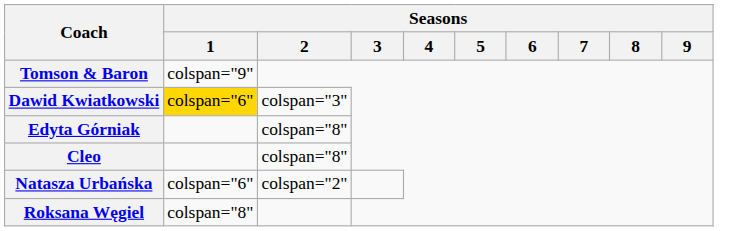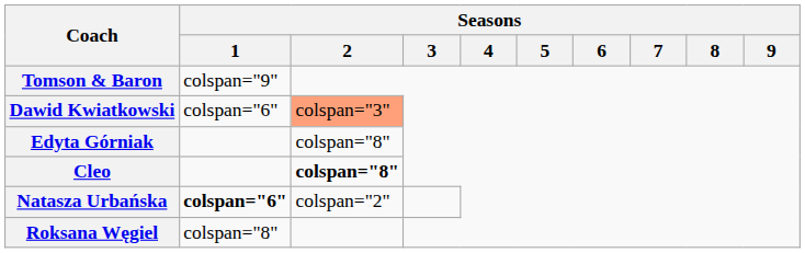 <table class="wikitable">
 <tr>
 <th rowspan="2">Coach</th>
 <th colspan="9">Seasons</th>
 </tr>
 <tr>
 <th width="40">1</th>
 <th width="40">2</th>
 <th width="40">3</th>
 <th width="40">4</th>
 <th width="40">5</th>
 <th width="40">6</th>
 <th width="40">7</th>
 <th width="40">8</th>
 <th width="40">9</th>
 </tr>
 <tr>
 <th scope="row"><a href='#'>Tomson & Baron</a></th>
 <td>colspan="9" </td>
 </tr>
 <tr>
 <th scope="row"><a href='#'>Dawid Kwiatkowski</a></th>
-<td style="background: gold;">colspan="6" </td>
-<td>colspan="3" </td>
+<td>colspan="6" </td>
+<td style="background: lightsalmon;">colspan="3" </td>
 </tr>
 <tr>
 <th scope="row"><a href='#'>Edyta Górniak</a></th>
 <td></td>
 <td>colspan="8" </td>
 </tr>
 <tr>
 <th scope="row"><a href='#'>Cleo</a></th>
 <td></td>
-<td>colspan="8" </td>
+<td><strong>colspan="8" </strong></td>
 </tr>
 <tr>
 <th scope="row"><a href='#'>Natasza Urbańska</a></th>
-<td>colspan="6" </td>
+<td><strong>colspan="6" </strong></td>
 <td>colspan="2" </td>
 <td></td>
 </tr>
 <tr>
 <th scope="row"><a href='#'>Roksana Węgiel</a></th>
 <td>colspan="8" </td>
 <td></td>
 </tr>
 </table>
